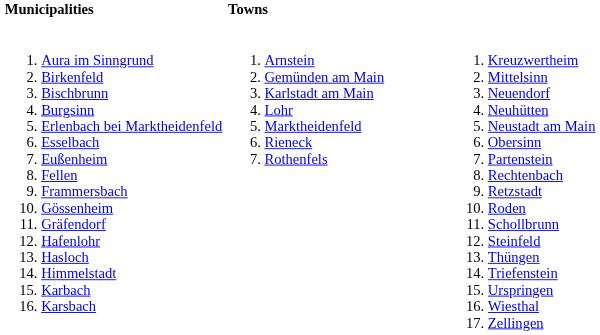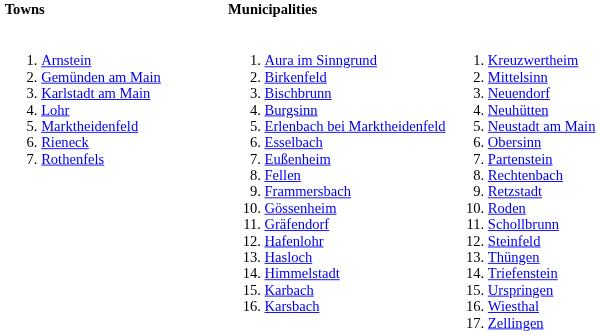 <table>
 <tr>
+<th align=left width=33%>Towns</th>
 <th align=left width=33%>Municipalities</th>
-<th align=left width=33%>Towns</th>
 <th align=left width=33%></th>
 </tr>
 <tr valign=top>
+<td><br><ol><li><a href='#'>Arnstein</a></li><li><a href='#'>Gemünden am Main</a></li><li><a href='#'>Karlstadt am Main</a></li><li><a href='#'>Lohr</a></li><li><a href='#'>Marktheidenfeld</a></li><li><a href='#'>Rieneck</a></li><li><a href='#'>Rothenfels</a></li></ol></td>
 <td><br><ol><li><a href='#'>Aura im Sinngrund</a></li><li><a href='#'>Birkenfeld</a></li><li><a href='#'>Bischbrunn</a></li><li><a href='#'>Burgsinn</a></li><li><a href='#'>Erlenbach bei Marktheidenfeld</a></li><li><a href='#'>Esselbach</a></li><li><a href='#'>Eußenheim</a></li><li><a href='#'>Fellen</a></li><li><a href='#'>Frammersbach</a></li><li><a href='#'>Gössenheim</a></li><li><a href='#'>Gräfendorf</a></li><li><a href='#'>Hafenlohr</a></li><li><a href='#'>Hasloch</a></li><li><a href='#'>Himmelstadt</a></li><li><a href='#'>Karbach</a></li><li><a href='#'>Karsbach</a></li></ol></td>
-<td><br><ol><li><a href='#'>Arnstein</a></li><li><a href='#'>Gemünden am Main</a></li><li><a href='#'>Karlstadt am Main</a></li><li><a href='#'>Lohr</a></li><li><a href='#'>Marktheidenfeld</a></li><li><a href='#'>Rieneck</a></li><li><a href='#'>Rothenfels</a></li></ol></td>
 <td><br><ol> <li><a href='#'>Kreuzwertheim</a></li> <li><a href='#'>Mittelsinn</a></li> <li><a href='#'>Neuendorf</a></li> <li><a href='#'>Neuhütten</a></li> <li><a href='#'>Neustadt am Main</a></li> <li><a href='#'>Obersinn</a></li> <li><a href='#'>Partenstein</a></li> <li><a href='#'>Rechtenbach</a></li> <li><a href='#'>Retzstadt</a></li> <li><a href='#'>Roden</a></li> <li><a href='#'>Schollbrunn</a></li> <li><a href='#'>Steinfeld</a></li> <li><a href='#'>Thüngen</a></li> <li><a href='#'>Triefenstein</a></li> <li><a href='#'>Urspringen</a></li> <li><a href='#'>Wiesthal</a></li> <li><a href='#'>Zellingen</a></li> </ol></td>
 </tr>
 </table>
